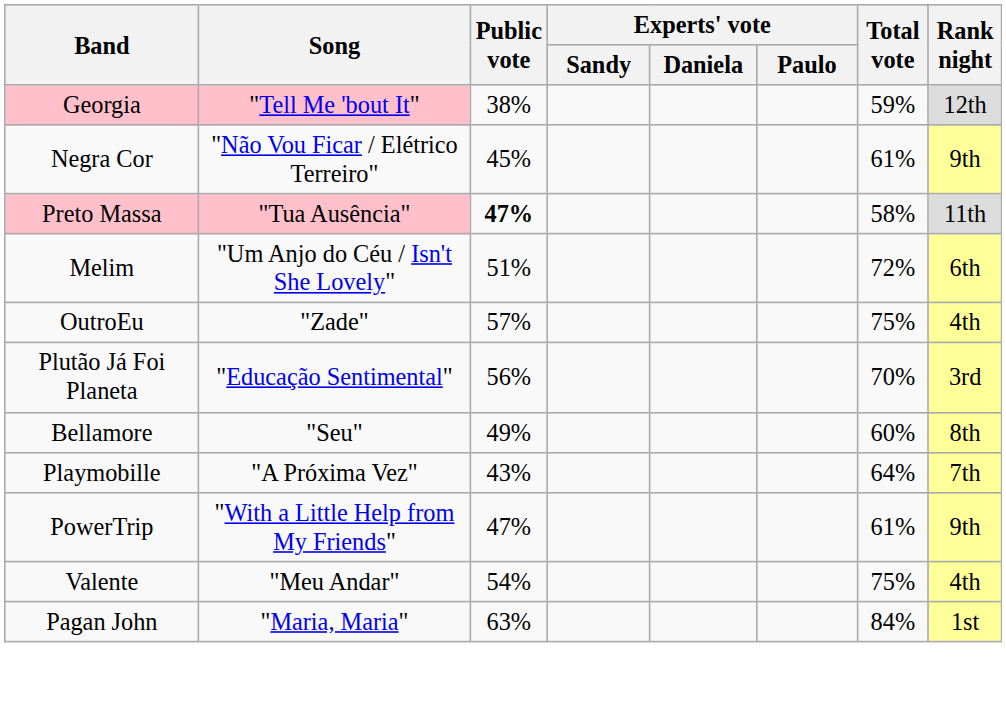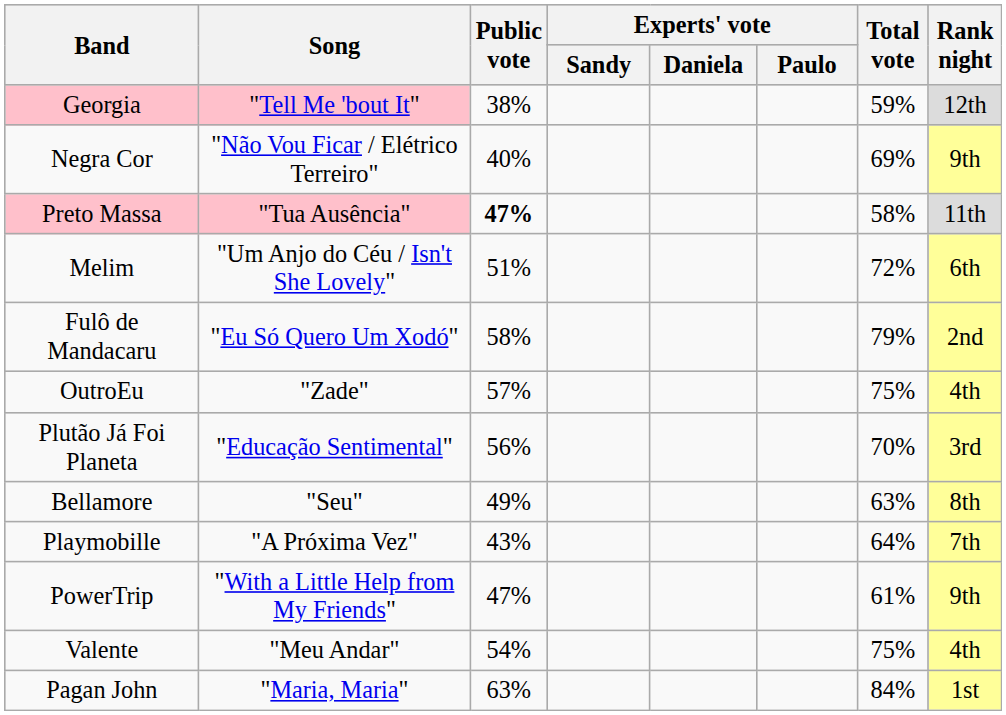 <table class="wikitable" style="font-size:95%; text-align:center" width="100%">
 <tr>
 <th width="135" rowspan=2>Band</th>
 <th width="205" rowspan=2>Song</th>
 <th width="040" rowspan=2>Public<br>vote</th>
 <th colspan=3>Experts' vote</th>
 <th width="040" rowspan=2>Total<br>vote</th>
 <th width="040" rowspan=2>Rank<br>night</th>
 </tr>
 <tr>
 <th width="065">Sandy</th>
 <th width="065">Daniela</th>
 <th width="065">Paulo</th>
 </tr>
 <tr>
 <td style="background-color:pink;">Georgia</td>
 <td style="background-color:pink;">"<a href='#'>Tell Me 'bout It</a>"</td>
 <td>38%</td>
 <td></td>
 <td></td>
 <td></td>
 <td>59%</td>
 <td bgcolor="#DCDCDC">12th</td>
 </tr>
 <tr>
 <td>Negra Cor</td>
 <td>"<a href='#'>Não Vou Ficar</a> / Elétrico<br>Terreiro"</td>
-<td>45%</td>
+<td>40%</td>
 <td></td>
 <td></td>
 <td></td>
-<td>61%</td>
+<td>69%</td>
 <td bgcolor="#FFFF99">9th</td>
 </tr>
 <tr>
 <td style="background-color:pink;">Preto Massa</td>
 <td style="background-color:pink;">"Tua Ausência"</td>
 <td><strong>47%</strong></td>
 <td></td>
 <td></td>
 <td></td>
 <td>58%</td>
 <td bgcolor="#DCDCDC">11th</td>
 </tr>
 <tr>
 <td>Melim</td>
 <td>"Um Anjo do Céu / <a href='#'>Isn't She Lovely</a>"</td>
 <td>51%</td>
 <td></td>
 <td></td>
 <td></td>
 <td>72%</td>
 <td bgcolor="#FFFF99">6th</td>
+</tr>
+<tr>
+<td>Fulô de Mandacaru</td>
+<td>"<a href='#'>Eu Só Quero Um Xodó</a>"</td>
+<td>58%</td>
+<td></td>
+<td></td>
+<td></td>
+<td>79%</td>
+<td bgcolor="#FFFF99">2nd</td>
 </tr>
 <tr>
 <td>OutroEu</td>
 <td>"Zade"</td>
 <td>57%</td>
 <td></td>
 <td></td>
 <td></td>
 <td>75%</td>
 <td bgcolor="#FFFF99">4th</td>
 </tr>
 <tr>
 <td>Plutão Já Foi Planeta</td>
 <td>"<a href='#'>Educação Sentimental</a>"</td>
 <td>56%</td>
 <td></td>
 <td></td>
 <td></td>
 <td>70%</td>
 <td bgcolor="#FFFF99">3rd</td>
 </tr>
 <tr>
 <td>Bellamore</td>
 <td>"Seu"</td>
 <td>49%</td>
 <td></td>
 <td></td>
 <td></td>
-<td>60%</td>
+<td>63%</td>
 <td bgcolor="#FFFF99">8th</td>
 </tr>
 <tr>
 <td>Playmobille</td>
 <td>"A Próxima Vez"</td>
 <td>43%</td>
 <td></td>
 <td></td>
 <td></td>
 <td>64%</td>
 <td bgcolor="#FFFF99">7th</td>
 </tr>
 <tr>
 <td>PowerTrip</td>
 <td>"<a href='#'>With a Little Help from My Friends</a>"</td>
 <td>47%</td>
 <td></td>
 <td></td>
 <td></td>
 <td>61%</td>
 <td bgcolor="#FFFF99">9th</td>
 </tr>
 <tr>
 <td>Valente</td>
 <td>"Meu Andar"</td>
 <td>54%</td>
 <td></td>
 <td></td>
 <td></td>
 <td>75%</td>
 <td bgcolor="#FFFF99">4th</td>
 </tr>
 <tr>
 <td>Pagan John</td>
 <td>"<a href='#'>Maria, Maria</a>"</td>
 <td>63%</td>
 <td></td>
 <td></td>
 <td></td>
 <td>84%</td>
 <td bgcolor="#FFFF99">1st</td>
 </tr>
 </table>
